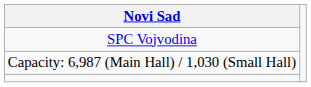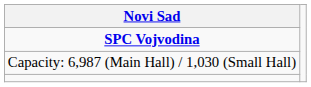 <table class="wikitable" style="text-align:center">
 <tr>
 <th><a href='#'>Novi Sad</a></th>
 <td rowspan=4></td>
 </tr>
 <tr>
-<td><a href='#'>SPC Vojvodina</a></td>
+<td><strong><a href='#'>SPC Vojvodina</a></strong></td>
 </tr>
 <tr>
 <td>Capacity: 6,987 (Main Hall) / 1,030 (Small Hall)</td>
 </tr>
 <tr>
 <td></td>
 </tr>
 </table>
